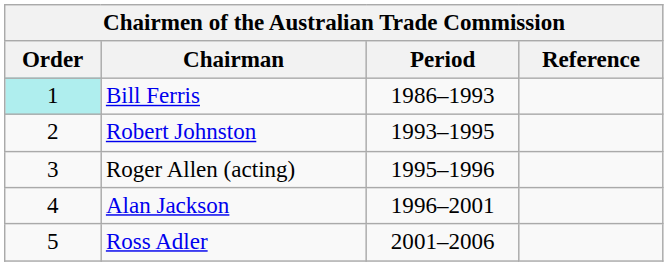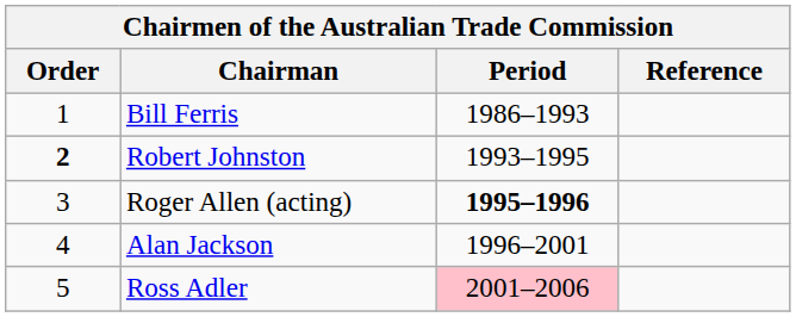 <table class="wikitable">
 <tr>
 <th colspan=4 width=450>Chairmen of the Australian Trade Commission</th>
 </tr>
 <tr>
 <th>Order</th>
 <th>Chairman</th>
 <th>Period</th>
 <th>Reference</th>
 </tr>
 <tr>
-<td align=center style="background: paleturquoise;">1</td>
+<td align=center>1</td>
 <td><a href='#'>Bill Ferris</a> </td>
 <td align=center>1986–1993</td>
 <td></td>
 </tr>
 <tr>
-<td align=center>2</td>
+<td align=center><strong>2</strong></td>
 <td><a href='#'>Robert Johnston</a> </td>
 <td align=center>1993–1995</td>
 <td></td>
 </tr>
 <tr>
 <td align=center>3</td>
 <td>Roger Allen (acting)</td>
-<td align=center>1995–1996</td>
+<td align=center><strong>1995–1996</strong></td>
 <td></td>
 </tr>
 <tr>
 <td align=center>4</td>
 <td><a href='#'>Alan Jackson</a> </td>
 <td align=center>1996–2001</td>
 <td></td>
 </tr>
 <tr>
 <td align=center>5</td>
 <td><a href='#'>Ross Adler</a> </td>
-<td align=center>2001–2006</td>
+<td align=center style="background: pink;">2001–2006</td>
 <td></td>
 </tr>
 </table>
